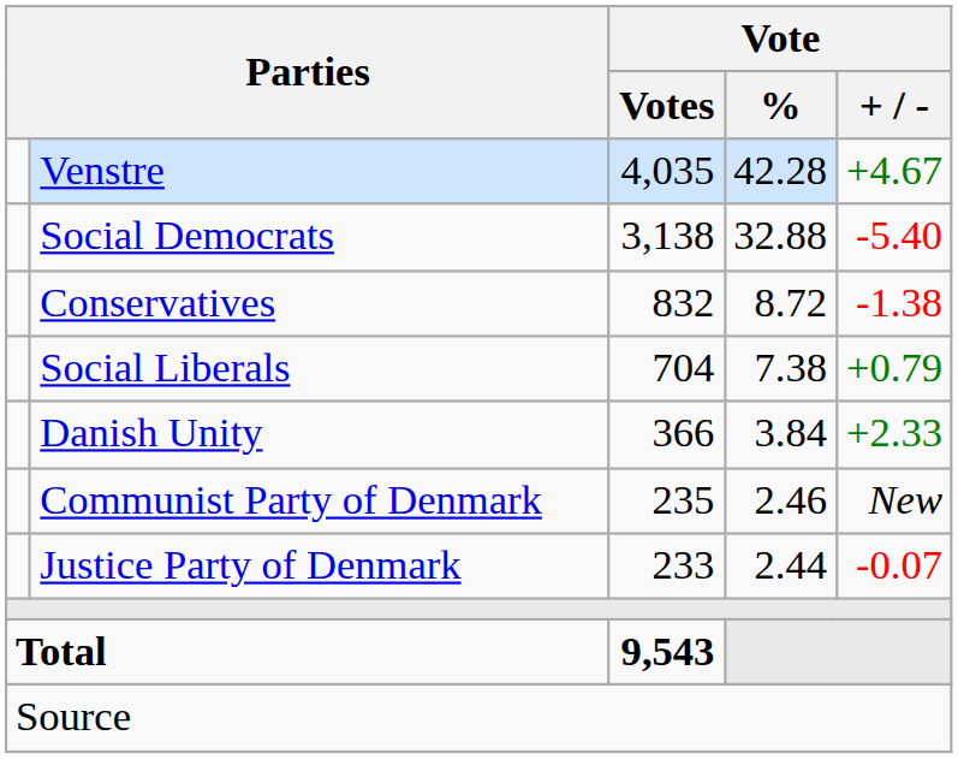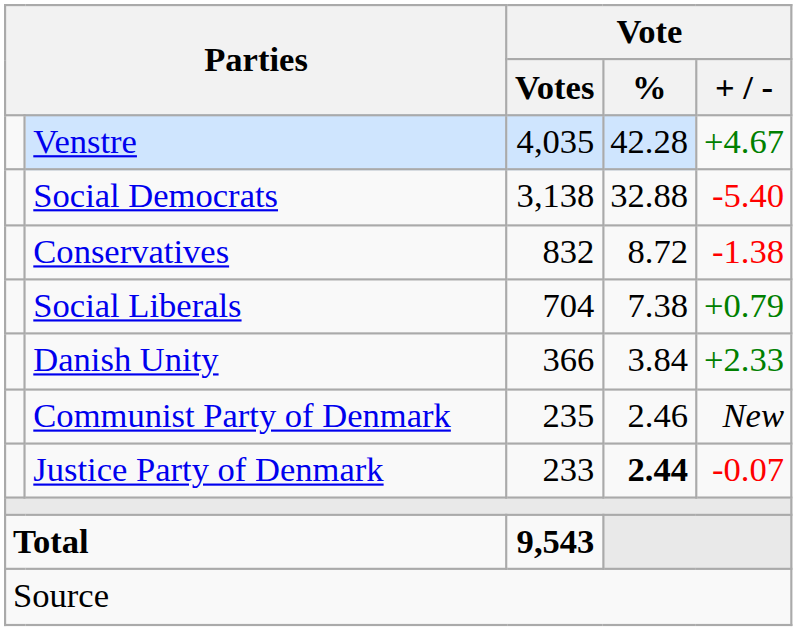 <table class="wikitable" style="text-align:right;">
 <tr>
 <th style="text-align:centre;" rowspan="2" colspan="2" width="225">Parties</th>
 <th colspan="3">Vote</th>
 </tr>
 <tr>
 <th width="15">Votes</th>
 <th width="15">%</th>
 <th width="15">+ / -</th>
 </tr>
 <tr>
 <td width="2" style="color:inherit;background:"></td>
 <td bgcolor=#cfe5fe  align="left"><a href='#'>Venstre</a></td>
 <td bgcolor=#cfe5fe>4,035</td>
 <td bgcolor=#cfe5fe>42.28</td>
 <td style=color:green;>+4.67</td>
 </tr>
 <tr>
 <td width="2" style="color:inherit;background:"></td>
 <td align="left"><a href='#'>Social Democrats</a></td>
 <td>3,138</td>
 <td>32.88</td>
 <td style=color:red;>-5.40</td>
 </tr>
 <tr>
 <td width="2" style="color:inherit;background:"></td>
 <td align="left"><a href='#'>Conservatives</a></td>
 <td>832</td>
 <td>8.72</td>
 <td style=color:red;>-1.38</td>
 </tr>
 <tr>
 <td width="2" style="color:inherit;background:"></td>
 <td align="left"><a href='#'>Social Liberals</a></td>
 <td>704</td>
 <td>7.38</td>
 <td style=color:green;>+0.79</td>
 </tr>
 <tr>
 <td width="2" style="color:inherit;background:"></td>
 <td align="left"><a href='#'>Danish Unity</a></td>
 <td>366</td>
 <td>3.84</td>
 <td style=color:green;>+2.33</td>
 </tr>
 <tr>
 <td width="2" style="color:inherit;background:"></td>
 <td align="left"><a href='#'>Communist Party of Denmark</a></td>
 <td>235</td>
 <td>2.46</td>
 <td><em>New</em></td>
 </tr>
 <tr>
 <td width="2" style="color:inherit;background:"></td>
 <td align="left"><a href='#'>Justice Party of Denmark</a></td>
 <td>233</td>
-<td>2.44</td>
+<td><strong>2.44</strong></td>
 <td style=color:red;>-0.07</td>
 </tr>
 <tr>
 <td colspan="7" bgcolor="#E9E9E9"></td>
 </tr>
 <tr>
 <td align="left" colspan="2"><strong>Total</strong></td>
 <td><strong>9,543</strong></td>
 <td bgcolor="#E9E9E9" colspan="2"></td>
 </tr>
 <tr>
 <td align="left" colspan="6">Source</td>
 </tr>
 </table>
